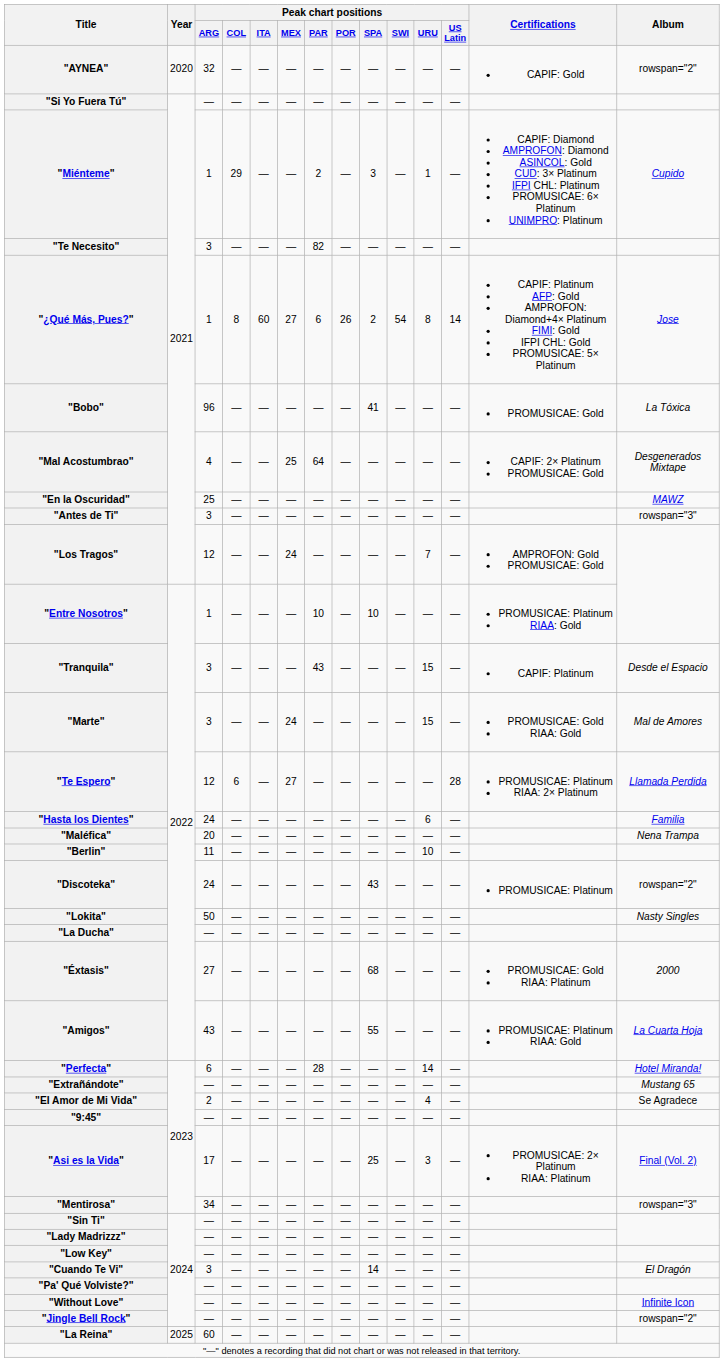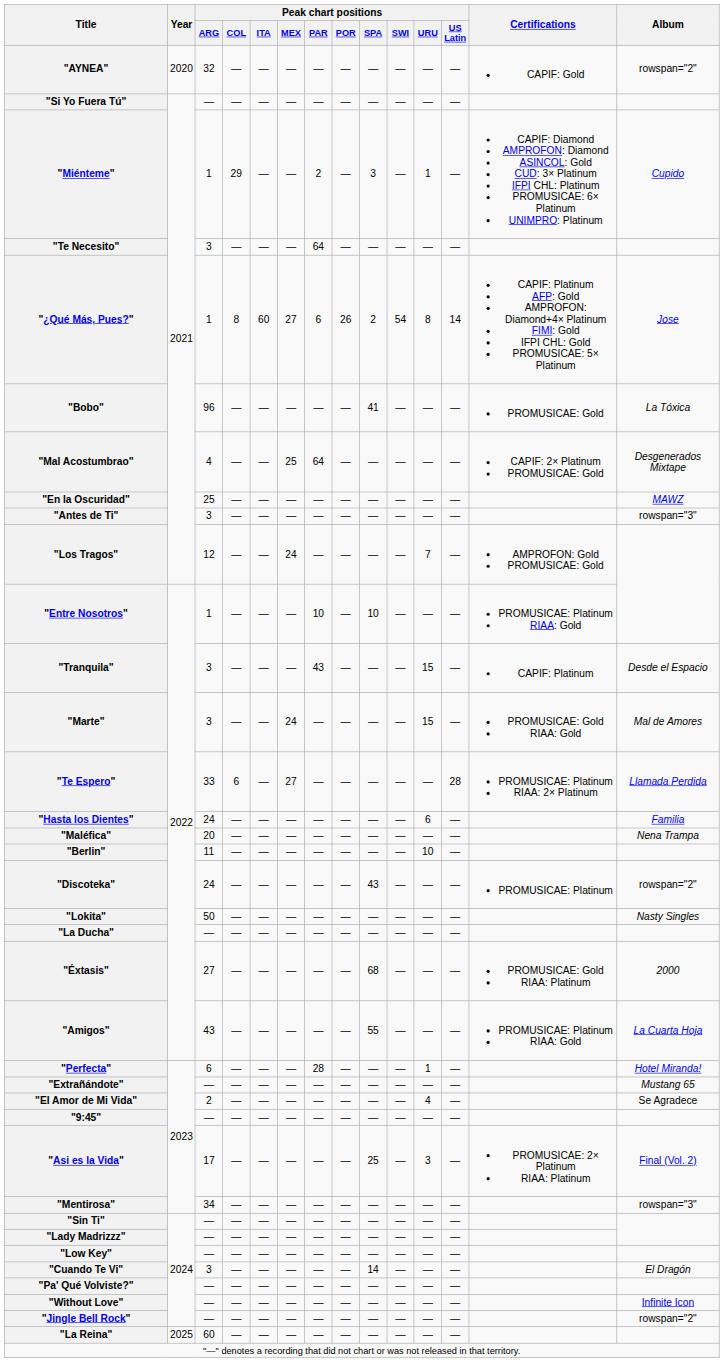 <table class="wikitable plainrowheaders" style="text-align:center;">
 <tr>
 <th scope="col" rowspan="2" style="width:15.5em;">Title</th>
 <th scope="col" rowspan="2" style="width:1em;">Year</th>
 <th scope="col" colspan="10">Peak chart positions</th>
 <th scope="col" rowspan="2" style="width:14em;"><a href='#'>Certifications</a></th>
 <th scope="col" rowspan="2" style="width:9.5em;">Album</th>
 </tr>
 <tr>
 <th scope="col" style="width:2.5em;font-size:90%;"><a href='#'>ARG</a><br></th>
 <th scope="col" style="width:2.5em;font-size:90%;"><a href='#'>COL</a><br></th>
 <th scope="col" style="width:2.5em;font-size:90%;"><a href='#'>ITA</a><br></th>
 <th scope="col" style="width:2.5em;font-size:90%;"><a href='#'>MEX</a><br></th>
 <th scope="col" style="width:2.5em;font-size:90%;"><a href='#'>PAR</a><br></th>
 <th scope="col" style="width:2.5em;font-size:90%;"><a href='#'>POR</a><br></th>
 <th scope="col" style="width:2.5em;font-size:90%;"><a href='#'>SPA</a><br></th>
 <th scope="col" style="width:2.5em;font-size:90%;"><a href='#'>SWI</a><br></th>
 <th scope="col" style="width:2.5em;font-size:90%;"><a href='#'>URU</a><br></th>
 <th scope="col" style="width:2.5em;font-size:90%;"><a href='#'>US<br>Latin</a><br></th>
 </tr>
 <tr>
 <th scope="row">"AYNEA"  <br></th>
 <td>2020</td>
 <td>32</td>
 <td>—</td>
 <td>—</td>
 <td>—</td>
 <td>—</td>
 <td>—</td>
 <td>—</td>
 <td>—</td>
 <td>—</td>
 <td>—</td>
 <td><br><ul><li>CAPIF: Gold</li></ul></td>
 <td>rowspan="2" </td>
 </tr>
 <tr>
 <th scope="row">"Si Yo Fuera Tú"<br></th>
 <td rowspan="9">2021</td>
 <td>—</td>
 <td>—</td>
 <td>—</td>
 <td>—</td>
 <td>—</td>
 <td>—</td>
 <td>—</td>
 <td>—</td>
 <td>—</td>
 <td>—</td>
 <td></td>
 </tr>
 <tr>
 <th scope="row">"<a href='#'>Miénteme</a>"<br></th>
 <td>1</td>
 <td>29</td>
 <td>—</td>
 <td>—</td>
 <td>2</td>
 <td>—</td>
 <td>3</td>
 <td>—</td>
 <td>1</td>
 <td>—</td>
 <td><br><ul><li>CAPIF: Diamond</li><li><a href='#'>AMPROFON</a>: Diamond</li><li><a href='#'>ASINCOL</a>: Gold</li><li><a href='#'>CUD</a>: 3× Platinum</li><li><a href='#'>IFPI</a> CHL: Platinum</li><li>PROMUSICAE: 6× Platinum</li><li><a href='#'>UNIMPRO</a>: Platinum</li></ul></td>
 <td><em><a href='#'>Cupido</a></em></td>
 </tr>
 <tr>
 <th scope="row">"Te Necesito"<br></th>
 <td>3</td>
 <td>—</td>
 <td>—</td>
 <td>—</td>
-<td>82</td>
+<td>64</td>
 <td>—</td>
 <td>—</td>
 <td>—</td>
 <td>—</td>
 <td>—</td>
 <td></td>
 <td></td>
 </tr>
 <tr>
 <th scope="row">"<a href='#'>¿Qué Más, Pues?</a>"<br></th>
 <td>1</td>
 <td>8</td>
 <td>60</td>
 <td>27</td>
 <td>6</td>
 <td>26</td>
 <td>2</td>
 <td>54</td>
 <td>8</td>
 <td>14</td>
 <td><br><ul><li>CAPIF: Platinum</li><li><a href='#'>AFP</a>: Gold</li><li>AMPROFON: Diamond+4× Platinum</li><li><a href='#'>FIMI</a>: Gold</li><li>IFPI CHL: Gold</li><li>PROMUSICAE: 5× Platinum</li></ul></td>
 <td><em><a href='#'>Jose</a></em></td>
 </tr>
 <tr>
 <th scope="row">"Bobo"<br></th>
 <td>96</td>
 <td>—</td>
 <td>—</td>
 <td>—</td>
 <td>—</td>
 <td>—</td>
 <td>41</td>
 <td>—</td>
 <td>—</td>
 <td>—</td>
 <td><br><ul><li>PROMUSICAE: Gold</li></ul></td>
 <td><em>La Tóxica</em></td>
 </tr>
 <tr>
 <th scope="row">"Mal Acostumbrao"<br></th>
 <td>4</td>
 <td>—</td>
 <td>—</td>
 <td>25</td>
 <td>64</td>
 <td>—</td>
 <td>—</td>
 <td>—</td>
 <td>—</td>
 <td>—</td>
 <td><br><ul><li>CAPIF: 2× Platinum</li><li>PROMUSICAE: Gold</li></ul></td>
 <td><em>Desgenerados Mixtape</em></td>
 </tr>
 <tr>
 <th scope="row">"En la Oscuridad"<br></th>
 <td>25</td>
 <td>—</td>
 <td>—</td>
 <td>—</td>
 <td>—</td>
 <td>—</td>
 <td>—</td>
 <td>—</td>
 <td>—</td>
 <td>—</td>
 <td></td>
 <td><em><a href='#'>MAWZ</a></em></td>
 </tr>
 <tr>
 <th scope="row">"Antes de Ti"<br></th>
 <td>3</td>
 <td>—</td>
 <td>—</td>
 <td>—</td>
 <td>—</td>
 <td>—</td>
 <td>—</td>
 <td>—</td>
 <td>—</td>
 <td>—</td>
 <td></td>
 <td>rowspan="3" </td>
 </tr>
 <tr>
 <th scope="row">"Los Tragos"<br></th>
 <td>12</td>
 <td>—</td>
 <td>—</td>
 <td>24</td>
 <td>—</td>
 <td>—</td>
 <td>—</td>
 <td>—</td>
 <td>7</td>
 <td>—</td>
 <td><br><ul><li>AMPROFON: Gold</li><li>PROMUSICAE: Gold</li></ul></td>
 </tr>
 <tr>
 <th scope="row">"<a href='#'>Entre Nosotros</a>"  <br></th>
 <td rowspan="12">2022</td>
 <td>1</td>
 <td>—</td>
 <td>—</td>
 <td>—</td>
 <td>10</td>
 <td>—</td>
 <td>10</td>
 <td>—</td>
 <td>—</td>
 <td>—</td>
 <td><br><ul><li>PROMUSICAE: Platinum</li><li><a href='#'>RIAA</a>: Gold </li></ul></td>
 </tr>
 <tr>
 <th scope="row">"Tranquila"<br></th>
 <td>3</td>
 <td>—</td>
 <td>—</td>
 <td>—</td>
 <td>43</td>
 <td>—</td>
 <td>—</td>
 <td>—</td>
 <td>15</td>
 <td>—</td>
 <td><br><ul><li>CAPIF: Platinum</li></ul></td>
 <td><em>Desde el Espacio</em></td>
 </tr>
 <tr>
 <th scope="row">"Marte"<br></th>
 <td>3</td>
 <td>—</td>
 <td>—</td>
 <td>24</td>
 <td>—</td>
 <td>—</td>
 <td>—</td>
 <td>—</td>
 <td>15</td>
 <td>—</td>
 <td><br><ul><li>PROMUSICAE: Gold</li><li>RIAA: Gold </li></ul></td>
 <td><em>Mal de Amores</em></td>
 </tr>
 <tr>
 <th scope="row">"<a href='#'>Te Espero</a>"<br></th>
-<td>12</td>
+<td>33</td>
 <td>6</td>
 <td>—</td>
 <td>27</td>
 <td>—</td>
 <td>—</td>
 <td>—</td>
 <td>—</td>
 <td>—</td>
 <td>28</td>
 <td><br><ul><li>PROMUSICAE: Platinum</li><li>RIAA: 2× Platinum </li></ul></td>
 <td><em><a href='#'>Llamada Perdida</a></em></td>
 </tr>
 <tr>
 <th scope="row">"<a href='#'>Hasta los Dientes</a>"<br></th>
 <td>24</td>
 <td>—</td>
 <td>—</td>
 <td>—</td>
 <td>—</td>
 <td>—</td>
 <td>—</td>
 <td>—</td>
 <td>6</td>
 <td>—</td>
 <td></td>
 <td><em><a href='#'>Familia</a></em></td>
 </tr>
 <tr>
 <th scope="row">"Maléfica"<br></th>
 <td>20</td>
 <td>—</td>
 <td>—</td>
 <td>—</td>
 <td>—</td>
 <td>—</td>
 <td>—</td>
 <td>—</td>
 <td>—</td>
 <td>—</td>
 <td></td>
 <td><em>Nena Trampa</em></td>
 </tr>
 <tr>
 <th scope="row">"Berlin"<br></th>
 <td>11</td>
 <td>—</td>
 <td>—</td>
 <td>—</td>
 <td>—</td>
 <td>—</td>
 <td>—</td>
 <td>—</td>
 <td>10</td>
 <td>—</td>
 <td></td>
 <td></td>
 </tr>
 <tr>
 <th scope="row">"Discoteka"<br></th>
 <td>24</td>
 <td>—</td>
 <td>—</td>
 <td>—</td>
 <td>—</td>
 <td>—</td>
 <td>43</td>
 <td>—</td>
 <td>—</td>
 <td>—</td>
 <td><br><ul><li>PROMUSICAE: Platinum</li></ul></td>
 <td>rowspan="2" </td>
 </tr>
 <tr>
 <th scope="row">"Lokita"<br></th>
 <td>50</td>
 <td>—</td>
 <td>—</td>
 <td>—</td>
 <td>—</td>
 <td>—</td>
 <td>—</td>
 <td>—</td>
 <td>—</td>
 <td>—</td>
 <td></td>
 <td><em>Nasty Singles</em></td>
 </tr>
 <tr>
 <th scope="row">"La Ducha"  <br></th>
 <td>—</td>
 <td>—</td>
 <td>—</td>
 <td>—</td>
 <td>—</td>
 <td>—</td>
 <td>—</td>
 <td>—</td>
 <td>—</td>
 <td>—</td>
 <td></td>
 <td></td>
 </tr>
 <tr>
 <th scope="row">"Éxtasis"<br></th>
 <td>27</td>
 <td>—</td>
 <td>—</td>
 <td>—</td>
 <td>—</td>
 <td>—</td>
 <td>68</td>
 <td>—</td>
 <td>—</td>
 <td>—</td>
 <td><br><ul><li>PROMUSICAE: Gold</li><li>RIAA: Platinum </li></ul></td>
 <td><em>2000</em></td>
 </tr>
 <tr>
 <th scope="row">"Amigos"<br></th>
 <td>43</td>
 <td>—</td>
 <td>—</td>
 <td>—</td>
 <td>—</td>
 <td>—</td>
 <td>55</td>
 <td>—</td>
 <td>—</td>
 <td>—</td>
 <td><br><ul><li>PROMUSICAE: Platinum</li><li>RIAA: Gold </li></ul></td>
 <td><em><a href='#'>La Cuarta Hoja</a></em></td>
 </tr>
 <tr>
 <th scope="row">"<a href='#'>Perfecta</a>"  <br></th>
 <td rowspan="6">2023</td>
 <td>6</td>
 <td>—</td>
 <td>—</td>
 <td>—</td>
 <td>28</td>
 <td>—</td>
 <td>—</td>
 <td>—</td>
-<td>14</td>
+<td>1</td>
 <td>—</td>
 <td></td>
 <td><em><a href='#'>Hotel Miranda!</a></em></td>
 </tr>
 <tr>
 <th scope="row">"Extrañándote"<br></th>
 <td>—</td>
 <td>—</td>
 <td>—</td>
 <td>—</td>
 <td>—</td>
 <td>—</td>
 <td>—</td>
 <td>—</td>
 <td>—</td>
 <td>—</td>
 <td></td>
 <td><em>Mustang 65<strong></td>
 </tr>
 <tr>
 <th scope="row">"El Amor de Mi Vida"<br></th>
 <td>2</td>
 <td>—</td>
 <td>—</td>
 <td>—</td>
 <td>—</td>
 <td>—</td>
 <td>—</td>
 <td>—</td>
 <td>4</td>
 <td>—</td>
 <td></td>
 <td></em>Se Agradece<em></td>
 </tr>
 <tr>
 <th scope="row">"9:45"  <br></th>
 <td>—</td>
 <td>—</td>
 <td>—</td>
 <td>—</td>
 <td>—</td>
 <td>—</td>
 <td>—</td>
 <td>—</td>
 <td>—</td>
 <td>—</td>
 <td></td>
 <td></td>
 </tr>
 <tr>
 <th scope="row">"<a href='#'>Asi es la Vida</a>"<br></th>
 <td>17</td>
 <td>—</td>
 <td>—</td>
 <td>—</td>
 <td>—</td>
 <td>—</td>
 <td>25</td>
 <td>—</td>
 <td>3</td>
 <td>—</td>
 <td><br><ul><li>PROMUSICAE: 2× Platinum</li><li>RIAA: Platinum </li></ul></td>
 <td></em><a href='#'>Final (Vol. 2)</a><em></td>
 </tr>
 <tr>
 <th scope="row">"Mentirosa"  <br></th>
 <td>34</td>
 <td>—</td>
 <td>—</td>
 <td>—</td>
 <td>—</td>
 <td>—</td>
 <td>—</td>
 <td>—</td>
 <td>—</td>
 <td>—</td>
 <td></td>
 <td>rowspan="3" </td>
 </tr>
 <tr>
 <th scope="row">"Sin Ti"<br></th>
 <td rowspan="7">2024</td>
 <td>—</td>
 <td>—</td>
 <td>—</td>
 <td>—</td>
 <td>—</td>
 <td>—</td>
 <td>—</td>
 <td>—</td>
 <td>—</td>
 <td>—</td>
 <td></td>
 </tr>
 <tr>
 <th scope="row">"Lady Madrizzz"  <br></th>
 <td>—</td>
 <td>—</td>
 <td>—</td>
 <td>—</td>
 <td>—</td>
 <td>—</td>
 <td>—</td>
 <td>—</td>
 <td>—</td>
 <td>—</td>
 <td></td>
 </tr>
 <tr>
 <th scope="row">"Low Key"<br></th>
 <td>—</td>
 <td>—</td>
 <td>—</td>
 <td>—</td>
 <td>—</td>
 <td>—</td>
 <td>—</td>
 <td>—</td>
 <td>—</td>
 <td>—</td>
 <td></td>
 <td></td>
 </tr>
 <tr>
 <th scope="row">"Cuando Te Vi"<br></th>
 <td>3</td>
 <td>—</td>
 <td>—</td>
 <td>—</td>
 <td>—</td>
 <td>—</td>
 <td>14</td>
 <td>—</td>
 <td>—</td>
 <td>—</td>
 <td></td>
 <td><em>El Dragón</em></td>
 </tr>
 <tr>
 <th scope="row">"Pa' Qué Volviste?"<br></th>
 <td>—</td>
 <td>—</td>
 <td>—</td>
 <td>—</td>
 <td>—</td>
 <td>—</td>
 <td>—</td>
 <td>—</td>
 <td>—</td>
 <td>—</td>
 <td></td>
 </tr>
 <tr>
 <th scope="row">"Without Love"<br></th>
 <td>—</td>
 <td>—</td>
 <td>—</td>
 <td>—</td>
 <td>—</td>
 <td>—</td>
 <td>—</td>
 <td>—</td>
 <td>—</td>
 <td>—</td>
 <td></td>
 <td></em><a href='#'>Infinite Icon</a><em></td>
 </tr>
 <tr>
 <th scope="row">"<a href='#'>Jingle Bell Rock</a>"<br></th>
 <td>—</td>
 <td>—</td>
 <td>—</td>
 <td>—</td>
 <td>—</td>
 <td>—</td>
 <td>—</td>
 <td>—</td>
 <td>—</td>
 <td>—</td>
 <td></td>
 <td>rowspan="2" </td>
 </tr>
 <tr>
 <th scope="row">"La Reina"  <br></th>
 <td>2025</td>
 <td>60</td>
 <td>—</td>
 <td>—</td>
 <td>—</td>
 <td>—</td>
 <td>—</td>
 <td>—</td>
 <td>—</td>
 <td>—</td>
 <td>—</td>
 <td></td>
 </tr>
 <tr>
 <td colspan="15" style="font-size:90%">"—" denotes a recording that did not chart or was not released in that territory.</td>
 </tr>
 </table>
